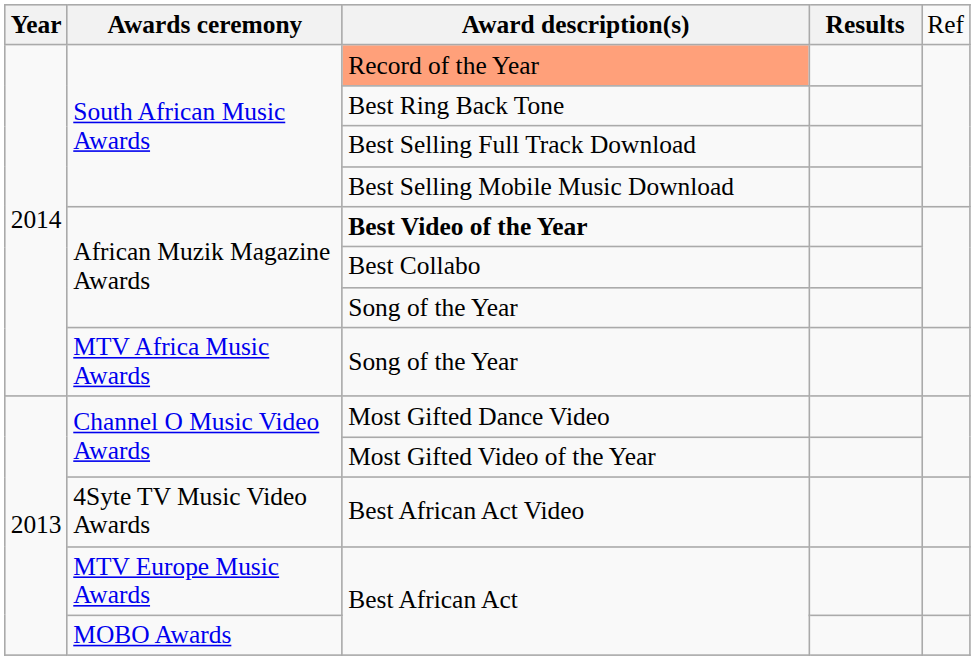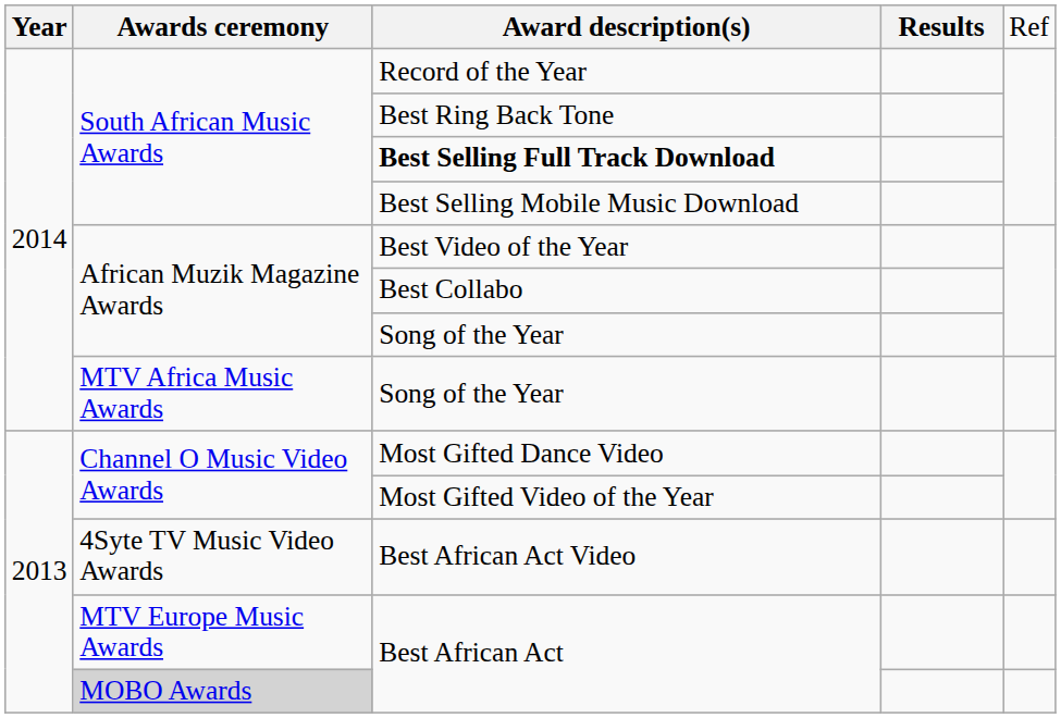 <table class="wikitable">
 <tr>
 <th>Year</th>
 <th style="width:250px;">Awards ceremony</th>
 <th style="width:450px;">Award description(s)</th>
 <th style="width:75px;">Results</th>
 <td>Ref</td>
 </tr>
 <tr>
 <td rowspan="8">2014</td>
 <td rowspan="4"><a href='#'>South African Music Awards</a></td>
-<td style="background: lightsalmon;">Record of the Year</td>
+<td>Record of the Year</td>
 <td></td>
 <td rowspan="4"></td>
 </tr>
 <tr>
 <td>Best Ring Back Tone</td>
 <td></td>
 </tr>
 <tr>
-<td>Best Selling Full Track Download</td>
+<td><strong>Best Selling Full Track Download</strong></td>
 <td></td>
 </tr>
 <tr>
 <td>Best Selling Mobile Music Download</td>
 <td></td>
 </tr>
 <tr>
 <td rowspan="3">African Muzik Magazine Awards</td>
-<td><strong>Best Video of the Year</strong></td>
+<td>Best Video of the Year</td>
 <td></td>
 <td rowspan="3"></td>
 </tr>
 <tr>
 <td>Best Collabo</td>
 <td></td>
 </tr>
 <tr>
 <td>Song of the Year</td>
 <td></td>
 </tr>
 <tr>
 <td><a href='#'>MTV Africa Music Awards</a></td>
 <td>Song of the Year</td>
 <td></td>
 <td rowspan="1"></td>
 </tr>
 <tr>
 <td rowspan="5">2013</td>
 <td rowspan="2"><a href='#'>Channel O Music Video Awards</a></td>
 <td>Most Gifted Dance Video</td>
 <td></td>
 <td rowspan="2"></td>
 </tr>
 <tr>
 <td>Most Gifted Video of the Year</td>
 <td></td>
 </tr>
 <tr>
 <td>4Syte TV Music Video Awards</td>
 <td>Best African Act Video</td>
 <td></td>
 <td></td>
 </tr>
 <tr>
 <td><a href='#'>MTV Europe Music Awards</a></td>
 <td rowspan="2">Best African Act</td>
 <td></td>
 <td></td>
 </tr>
 <tr>
-<td><a href='#'>MOBO Awards</a></td>
+<td style="background: lightgrey;"><a href='#'>MOBO Awards</a></td>
 <td></td>
 <td></td>
 </tr>
 </table>
